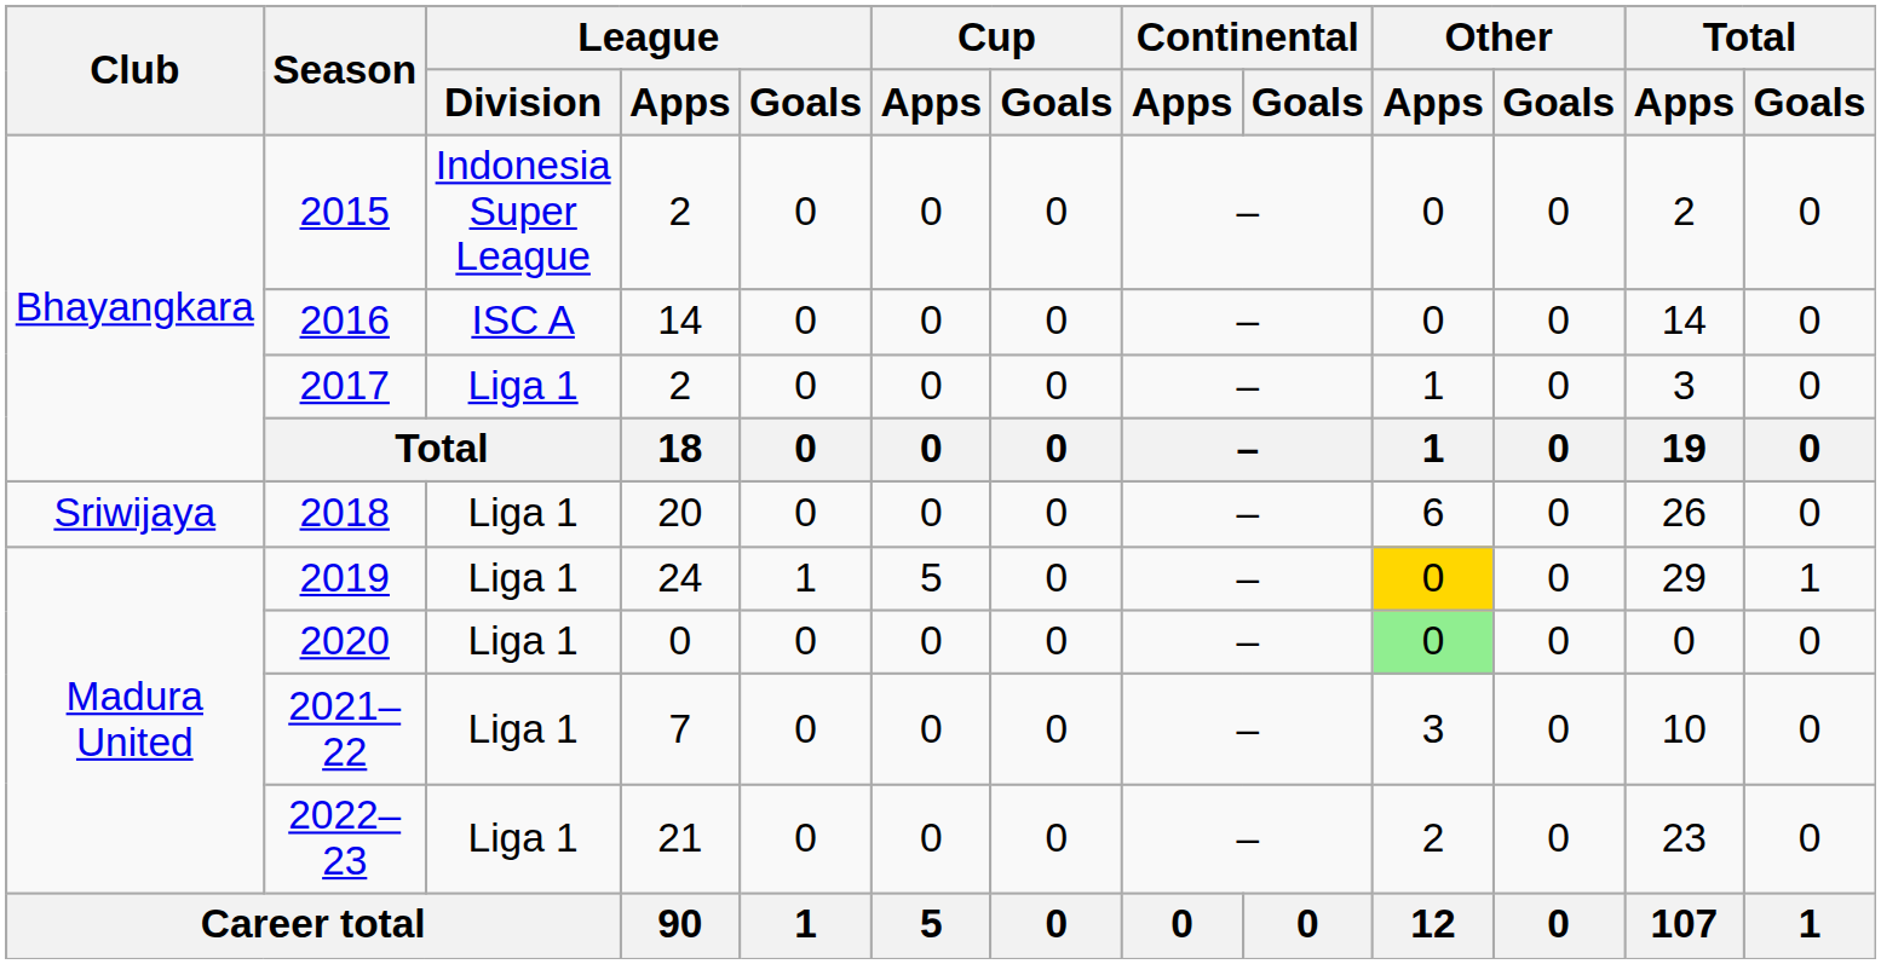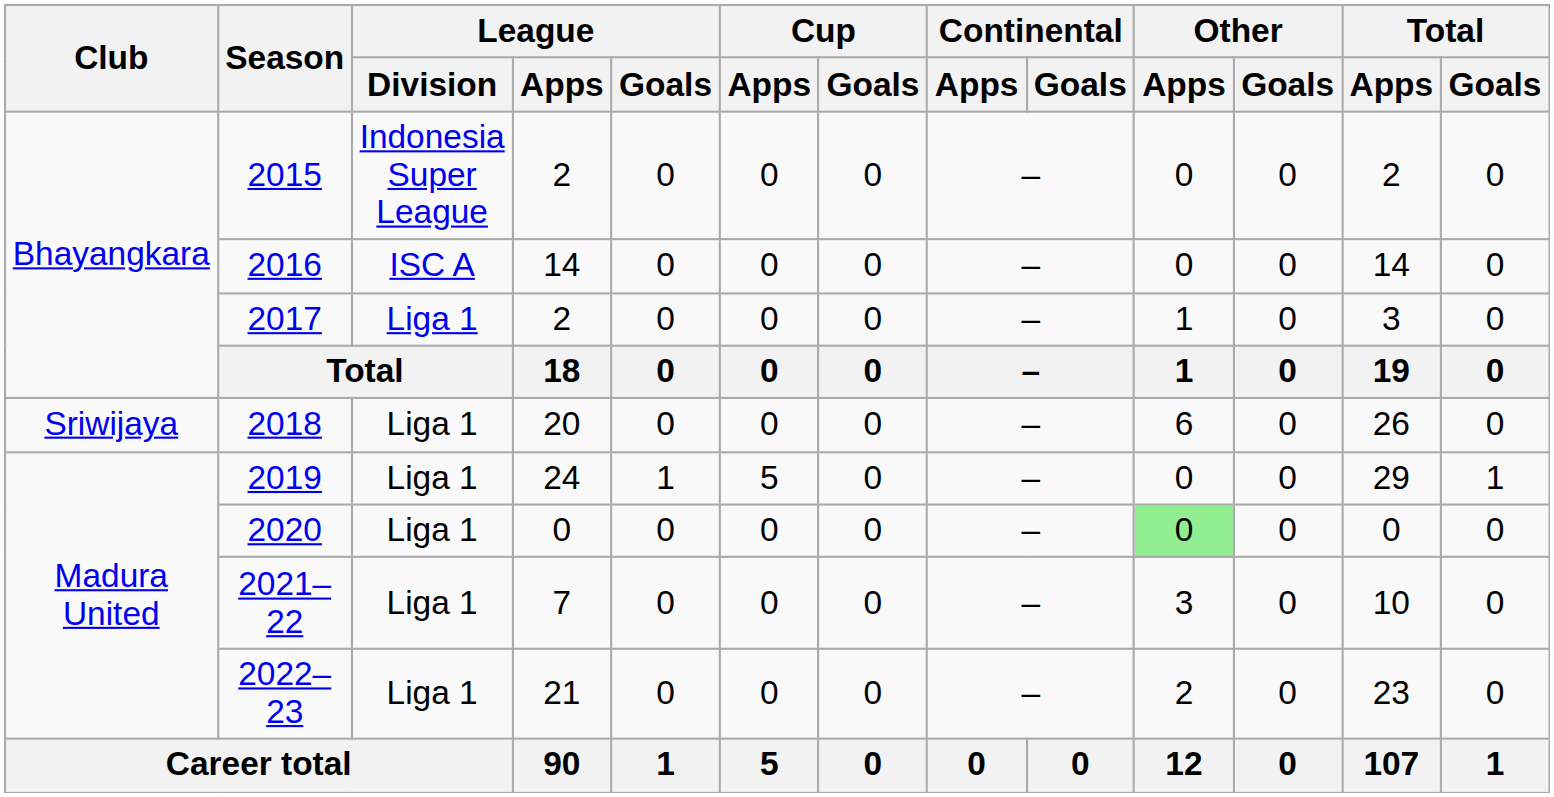 <table class="wikitable" style="text-align:center">
 <tr>
 <th rowspan="2">Club</th>
 <th rowspan="2">Season</th>
 <th colspan="3">League</th>
 <th colspan="2">Cup</th>
 <th colspan="2">Continental</th>
 <th colspan="2">Other</th>
 <th colspan="2">Total</th>
 </tr>
 <tr>
 <th>Division</th>
 <th>Apps</th>
 <th>Goals</th>
 <th>Apps</th>
 <th>Goals</th>
 <th>Apps</th>
 <th>Goals</th>
 <th>Apps</th>
 <th>Goals</th>
 <th>Apps</th>
 <th>Goals</th>
 </tr>
 <tr>
 <td rowspan="4" valign="center"><a href='#'>Bhayangkara</a></td>
 <td><a href='#'>2015</a></td>
 <td><a href='#'>Indonesia Super League</a></td>
 <td>2</td>
 <td>0</td>
 <td>0</td>
 <td>0</td>
 <td colspan="2">–</td>
 <td>0</td>
 <td>0</td>
 <td>2</td>
 <td>0</td>
 </tr>
 <tr>
 <td><a href='#'>2016</a></td>
 <td><a href='#'>ISC A</a></td>
 <td>14</td>
 <td>0</td>
 <td>0</td>
 <td>0</td>
 <td colspan="2">–</td>
 <td>0</td>
 <td>0</td>
 <td>14</td>
 <td>0</td>
 </tr>
 <tr>
 <td><a href='#'>2017</a></td>
 <td rowspan="1" valign="center"><a href='#'>Liga 1</a></td>
 <td>2</td>
 <td>0</td>
 <td>0</td>
 <td>0</td>
 <td colspan="2">–</td>
 <td>1</td>
 <td>0</td>
 <td>3</td>
 <td>0</td>
 </tr>
 <tr>
 <th colspan="2">Total</th>
 <th>18</th>
 <th>0</th>
 <th>0</th>
 <th>0</th>
 <th colspan="2">–</th>
 <th>1</th>
 <th>0</th>
 <th>19</th>
 <th>0</th>
 </tr>
 <tr>
 <td rowspan="1" valign="center"><a href='#'>Sriwijaya</a></td>
 <td><a href='#'>2018</a></td>
 <td rowspan="1" valign="center">Liga 1</td>
 <td>20</td>
 <td>0</td>
 <td>0</td>
 <td>0</td>
 <td colspan="2">–</td>
 <td>6</td>
 <td>0</td>
 <td>26</td>
 <td>0</td>
 </tr>
 <tr>
 <td rowspan="4" valign="center"><a href='#'>Madura United</a></td>
 <td><a href='#'>2019</a></td>
 <td rowspan="1" valign="center">Liga 1</td>
 <td>24</td>
 <td>1</td>
 <td>5</td>
 <td>0</td>
 <td colspan="2">–</td>
-<td style="background: gold;">0</td>
+<td>0</td>
 <td>0</td>
 <td>29</td>
 <td>1</td>
 </tr>
 <tr>
 <td><a href='#'>2020</a></td>
 <td rowspan="1" valign="center">Liga 1</td>
 <td>0</td>
 <td>0</td>
 <td>0</td>
 <td>0</td>
 <td colspan="2">–</td>
 <td style="background: lightgreen;">0</td>
 <td>0</td>
 <td>0</td>
 <td>0</td>
 </tr>
 <tr>
 <td><a href='#'>2021–22</a></td>
 <td rowspan="1" valign="center">Liga 1</td>
 <td>7</td>
 <td>0</td>
 <td>0</td>
 <td>0</td>
 <td colspan="2">–</td>
 <td>3</td>
 <td>0</td>
 <td>10</td>
 <td>0</td>
 </tr>
 <tr>
 <td><a href='#'>2022–23</a></td>
 <td>Liga 1</td>
 <td>21</td>
 <td>0</td>
 <td>0</td>
 <td>0</td>
 <td colspan="2">–</td>
 <td>2</td>
 <td>0</td>
 <td>23</td>
 <td>0</td>
 </tr>
 <tr>
 <th colspan="3">Career total</th>
 <th>90</th>
 <th>1</th>
 <th>5</th>
 <th>0</th>
 <th>0</th>
 <th>0</th>
 <th>12</th>
 <th>0</th>
 <th>107</th>
 <th>1</th>
 </tr>
 </table>
